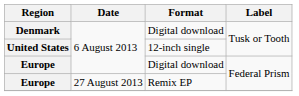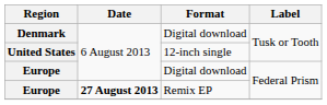 <table class="wikitable plainrowheaders unsortable">
 <tr>
 <th>Region</th>
 <th>Date</th>
 <th>Format</th>
 <th>Label</th>
 </tr>
 <tr>
 <th scope="row">Denmark</th>
 <td rowspan="3">6 August 2013</td>
 <td>Digital download</td>
 <td rowspan="2">Tusk or Tooth</td>
 </tr>
 <tr>
 <th scope="row">United States</th>
 <td>12-inch single</td>
 </tr>
 <tr>
 <th scope="row">Europe</th>
 <td>Digital download</td>
 <td rowspan="2">Federal Prism</td>
 </tr>
 <tr>
 <th scope="row">Europe</th>
-<td>27 August 2013</td>
+<td><strong>27 August 2013</strong></td>
 <td>Remix EP</td>
 </tr>
 <tr>
 </tr>
 </table>
